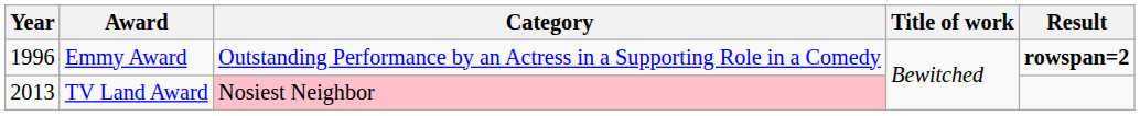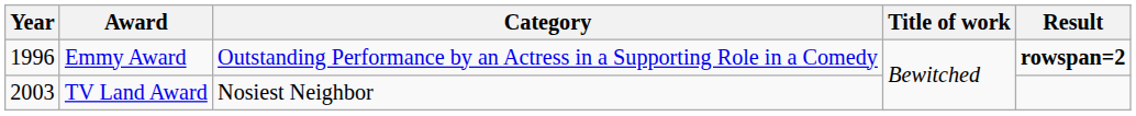 <table class="wikitable sortable">
 <tr>
 <th>Year</th>
 <th>Award</th>
 <th>Category</th>
 <th>Title of work</th>
 <th>Result</th>
 </tr>
 <tr>
 <td>1996</td>
 <td><a href='#'>Emmy Award</a></td>
 <td><a href='#'>Outstanding Performance by an Actress in a Supporting Role in a Comedy</a></td>
 <td rowspan=2><em>Bewitched</em></td>
 <td><strong>rowspan=2 </strong></td>
 </tr>
 <tr>
-<td>2013</td>
+<td>2003</td>
 <td><a href='#'>TV Land Award</a></td>
-<td style="background: pink;">Nosiest Neighbor</td>
+<td>Nosiest Neighbor</td>
 </tr>
 </table>
